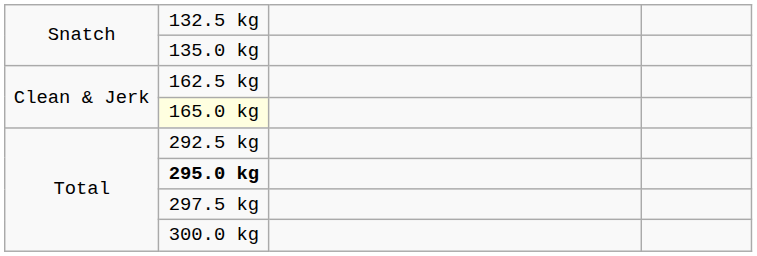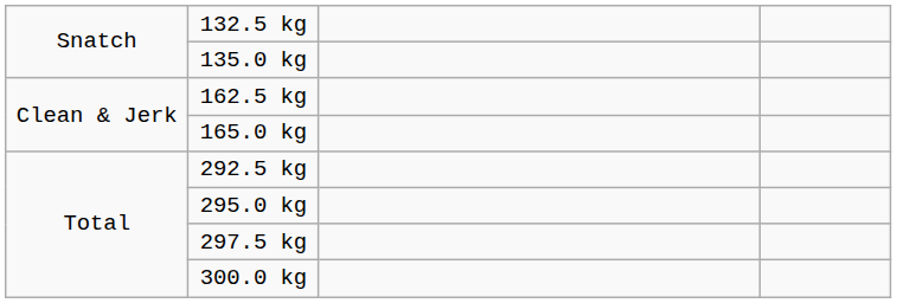 <table class = "wikitable" style="text-align:center;">
 <tr>
 <td width=100 rowspan=2>Snatch</td>
 <td width=70>132.5 kg</td>
 <td width=250 align=left></td>
 <td width=70></td>
 </tr>
 <tr>
 <td>135.0 kg</td>
 <td align=left></td>
 <td></td>
 </tr>
 <tr>
 <td rowspan=2>Clean & Jerk</td>
 <td>162.5 kg</td>
 <td align=left></td>
 <td></td>
 </tr>
 <tr>
-<td style="background: lightyellow;">165.0 kg</td>
+<td>165.0 kg</td>
 <td align=left></td>
 <td></td>
 </tr>
 <tr>
 <td rowspan=4>Total</td>
 <td>292.5 kg</td>
 <td align=left></td>
 <td></td>
 </tr>
 <tr>
-<td><strong>295.0 kg</strong></td>
+<td>295.0 kg</td>
 <td align=left></td>
 <td></td>
 </tr>
 <tr>
 <td>297.5 kg</td>
 <td align=left></td>
 <td></td>
 </tr>
 <tr>
 <td>300.0 kg</td>
 <td align=left></td>
 <td></td>
 </tr>
 </table>
